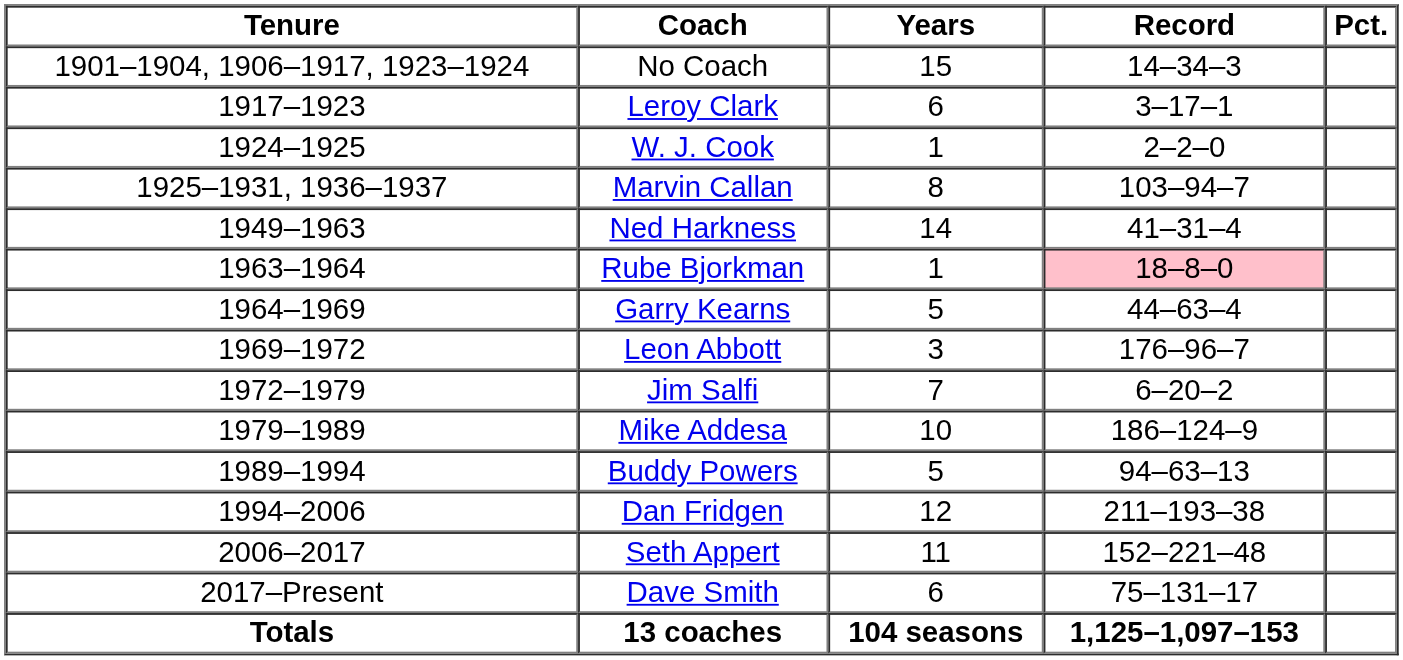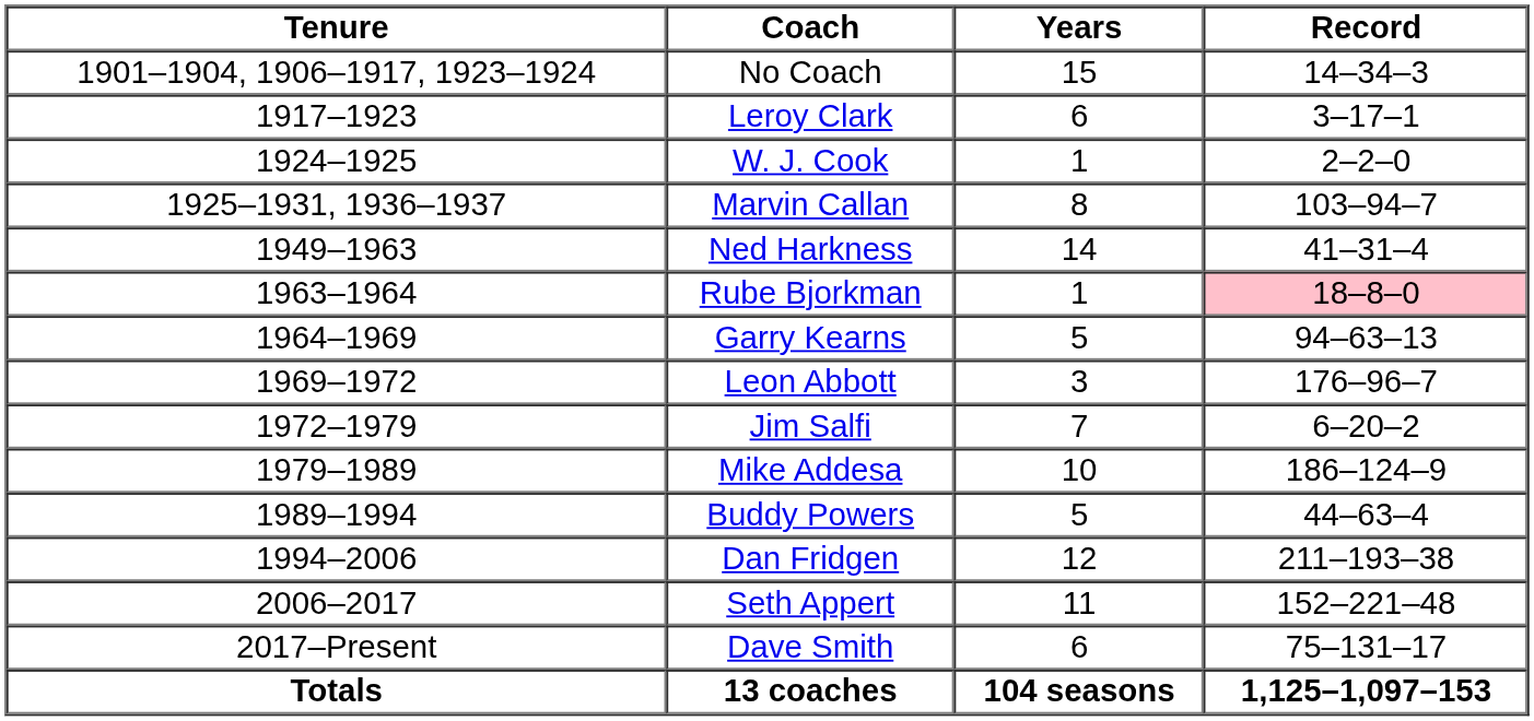 <table cellpadding="1" border="1" cellspacing="0" width="60%">
 <tr>
 <th>Tenure</th>
 <th>Coach</th>
 <th>Years</th>
 <th>Record</th>
-<th>Pct.</th>
 </tr>
 <tr align="center">
 <td>1901–1904, 1906–1917, 1923–1924</td>
 <td>No Coach</td>
 <td>15</td>
 <td>14–34–3</td>
-<td></td>
 </tr>
 <tr align="center">
 <td>1917–1923</td>
 <td><a href='#'>Leroy Clark</a></td>
 <td>6</td>
 <td>3–17–1</td>
-<td></td>
 </tr>
 <tr align="center">
 <td>1924–1925</td>
 <td><a href='#'>W. J. Cook</a></td>
 <td>1</td>
 <td>2–2–0</td>
-<td></td>
 </tr>
 <tr align="center">
 <td>1925–1931, 1936–1937</td>
 <td><a href='#'>Marvin Callan</a></td>
 <td>8</td>
 <td>103–94–7</td>
-<td></td>
 </tr>
 <tr align="center">
 <td>1949–1963</td>
 <td><a href='#'>Ned Harkness</a></td>
 <td>14</td>
 <td>41–31–4</td>
-<td></td>
 </tr>
 <tr align="center">
 <td>1963–1964</td>
 <td><a href='#'>Rube Bjorkman</a></td>
 <td>1</td>
 <td style="background: pink;">18–8–0</td>
-<td></td>
 </tr>
 <tr align="center">
 <td>1964–1969</td>
 <td><a href='#'>Garry Kearns</a></td>
 <td>5</td>
-<td>44–63–4</td>
-<td></td>
+<td>94–63–13</td>
 </tr>
 <tr align="center">
 <td>1969–1972</td>
 <td><a href='#'>Leon Abbott</a></td>
 <td>3</td>
 <td>176–96–7</td>
-<td></td>
 </tr>
 <tr align="center">
 <td>1972–1979</td>
 <td><a href='#'>Jim Salfi</a></td>
 <td>7</td>
 <td>6–20–2</td>
-<td></td>
 </tr>
 <tr align="center">
 <td>1979–1989</td>
 <td><a href='#'>Mike Addesa</a></td>
 <td>10</td>
 <td>186–124–9</td>
-<td></td>
 </tr>
 <tr align="center">
 <td>1989–1994</td>
 <td><a href='#'>Buddy Powers</a></td>
 <td>5</td>
-<td>94–63–13</td>
-<td></td>
+<td>44–63–4</td>
 </tr>
 <tr align="center">
 <td>1994–2006</td>
 <td><a href='#'>Dan Fridgen</a></td>
 <td>12</td>
 <td>211–193–38</td>
-<td></td>
 </tr>
 <tr align="center">
 <td>2006–2017</td>
 <td><a href='#'>Seth Appert</a></td>
 <td>11</td>
 <td>152–221–48</td>
-<td></td>
 </tr>
 <tr align="center">
 <td>2017–Present</td>
 <td><a href='#'>Dave Smith</a></td>
 <td>6</td>
 <td>75–131–17</td>
-<td></td>
 </tr>
 <tr align=center>
 <th>Totals</th>
 <th>13 coaches</th>
 <th>104 seasons</th>
 <th>1,125–1,097–153</th>
-<th></th>
 </tr>
 </table>
